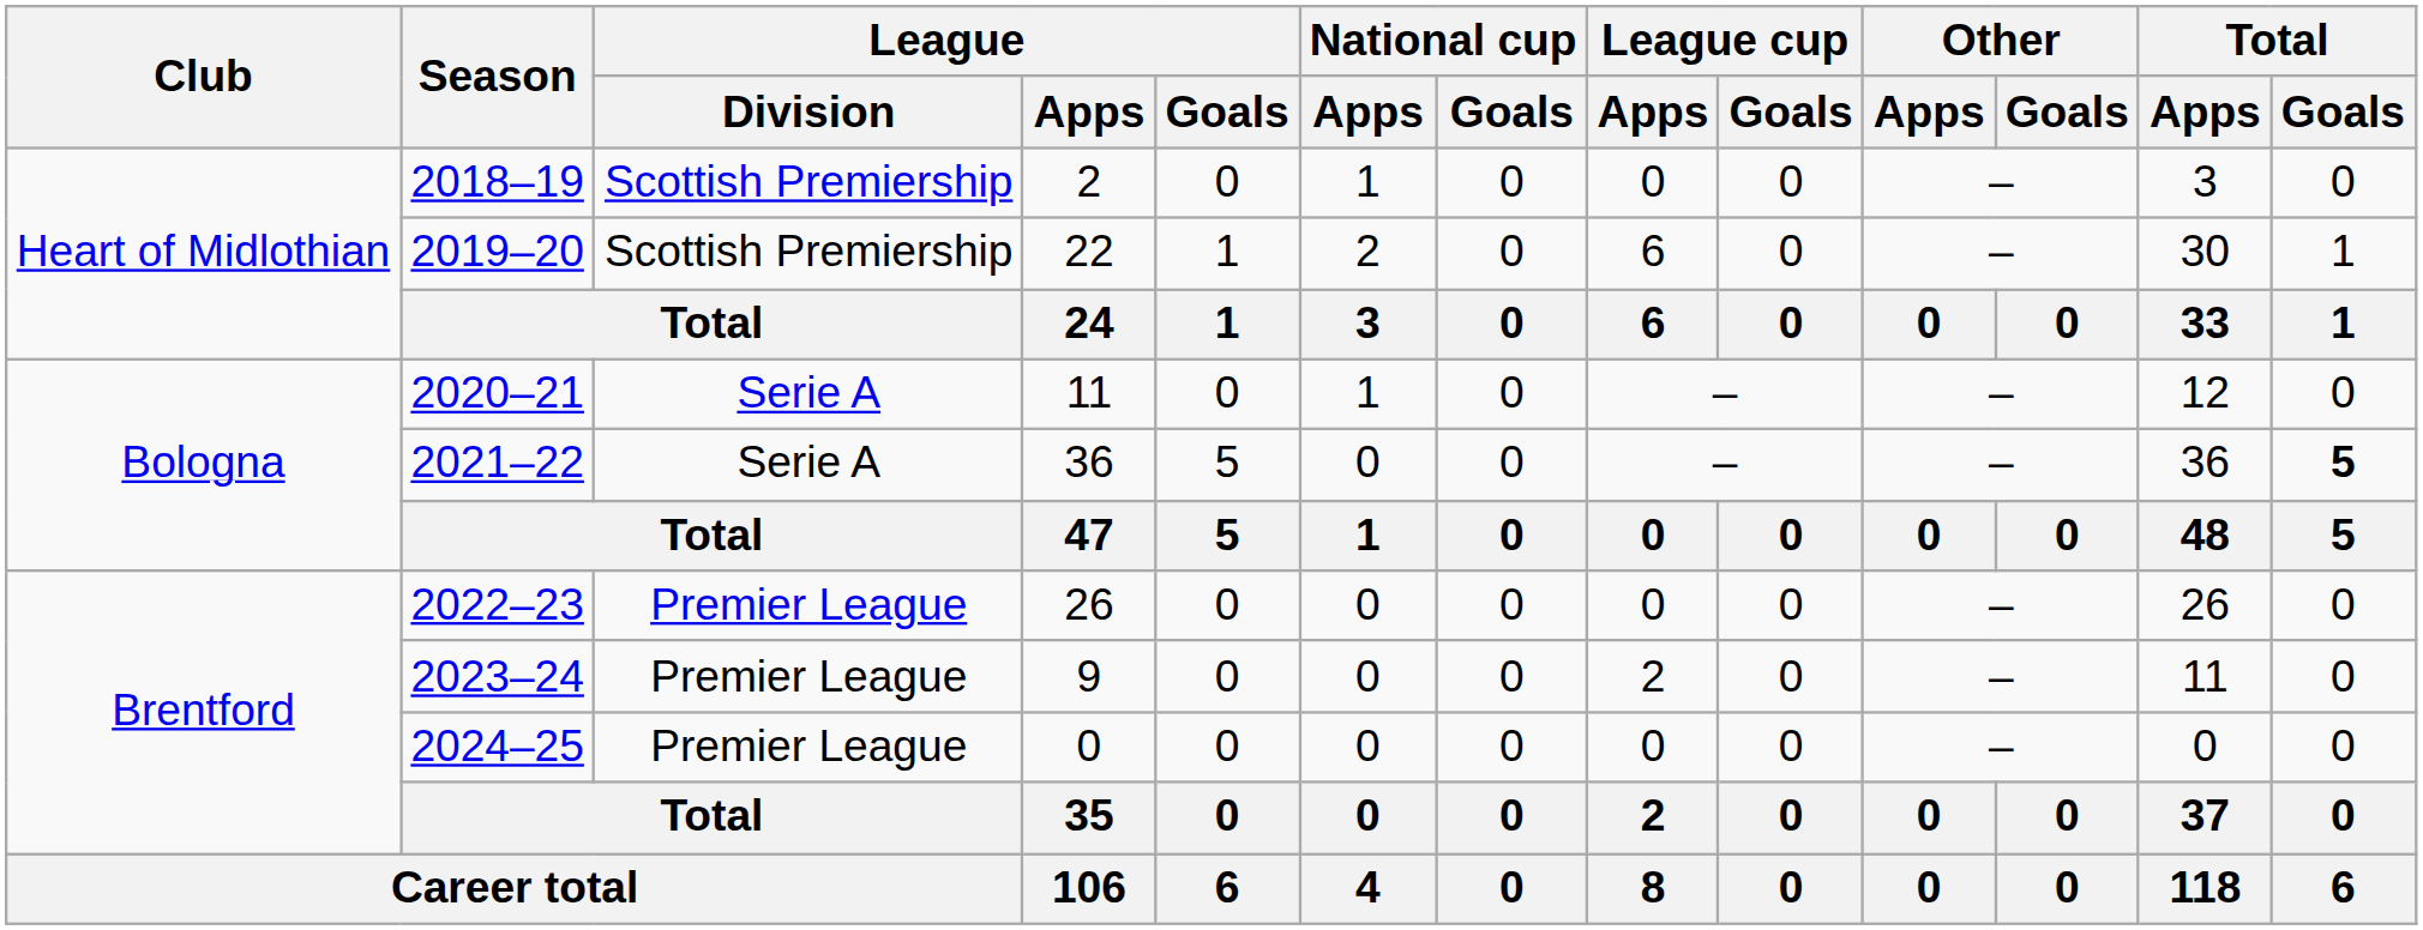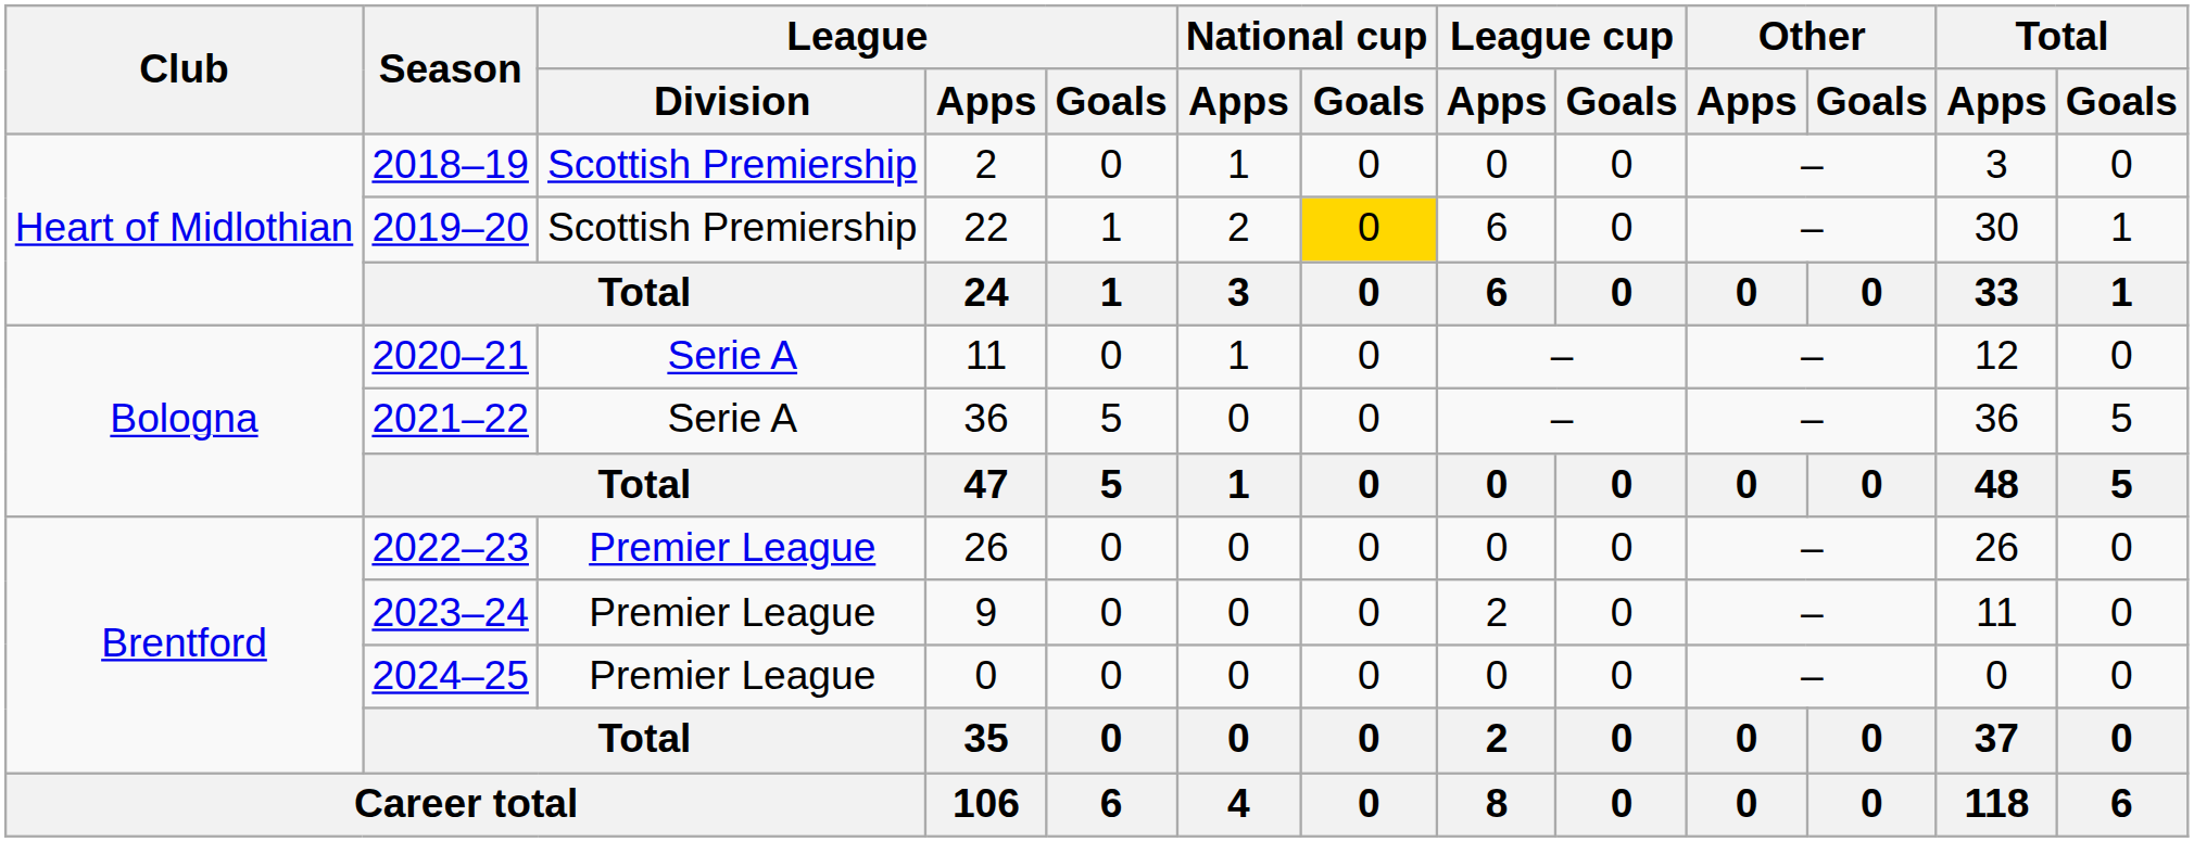 <table class=wikitable style="text-align: center;">
 <tr>
 <th rowspan="2">Club</th>
 <th rowspan="2">Season</th>
 <th colspan="3">League</th>
 <th colspan="2">National cup</th>
 <th colspan="2">League cup</th>
 <th colspan="2">Other</th>
 <th colspan="2">Total</th>
 </tr>
 <tr>
 <th>Division</th>
 <th>Apps</th>
 <th>Goals</th>
 <th>Apps</th>
 <th>Goals</th>
 <th>Apps</th>
 <th>Goals</th>
 <th>Apps</th>
 <th>Goals</th>
 <th>Apps</th>
 <th>Goals</th>
 </tr>
 <tr>
 <td rowspan="3"><a href='#'>Heart of Midlothian</a></td>
 <td><a href='#'>2018–19</a></td>
 <td><a href='#'>Scottish Premiership</a></td>
 <td>2</td>
 <td>0</td>
 <td>1</td>
 <td>0</td>
 <td>0</td>
 <td>0</td>
 <td colspan="2">–</td>
 <td>3</td>
 <td>0</td>
 </tr>
 <tr>
 <td><a href='#'>2019–20</a></td>
 <td>Scottish Premiership</td>
 <td>22</td>
 <td>1</td>
 <td>2</td>
-<td>0</td>
+<td style="background: gold;">0</td>
 <td>6</td>
 <td>0</td>
 <td colspan="2">–</td>
 <td>30</td>
 <td>1</td>
 </tr>
 <tr>
 <th colspan="2">Total</th>
 <th>24</th>
 <th>1</th>
 <th>3</th>
 <th>0</th>
 <th>6</th>
 <th>0</th>
 <th>0</th>
 <th>0</th>
 <th>33</th>
 <th>1</th>
 </tr>
 <tr>
 <td rowspan="3"><a href='#'>Bologna</a></td>
 <td><a href='#'>2020–21</a></td>
 <td><a href='#'>Serie A</a></td>
 <td>11</td>
 <td>0</td>
 <td>1</td>
 <td>0</td>
 <td colspan="2">–</td>
 <td colspan="2">–</td>
 <td>12</td>
 <td>0</td>
 </tr>
 <tr>
 <td><a href='#'>2021–22</a></td>
 <td>Serie A</td>
 <td>36</td>
 <td>5</td>
 <td>0</td>
 <td>0</td>
 <td colspan="2">–</td>
 <td colspan="2">–</td>
 <td>36</td>
-<td><strong>5</strong></td>
+<td>5</td>
 </tr>
 <tr>
 <th colspan="2">Total</th>
 <th>47</th>
 <th>5</th>
 <th>1</th>
 <th>0</th>
 <th>0</th>
 <th>0</th>
 <th>0</th>
 <th>0</th>
 <th>48</th>
 <th>5</th>
 </tr>
 <tr>
 <td rowspan="4"><a href='#'>Brentford</a></td>
 <td><a href='#'>2022–23</a></td>
 <td><a href='#'>Premier League</a></td>
 <td>26</td>
 <td>0</td>
 <td>0</td>
 <td>0</td>
 <td>0</td>
 <td>0</td>
 <td colspan="2">–</td>
 <td>26</td>
 <td>0</td>
 </tr>
 <tr>
 <td><a href='#'>2023–24</a></td>
 <td>Premier League</td>
 <td>9</td>
 <td>0</td>
 <td>0</td>
 <td>0</td>
 <td>2</td>
 <td>0</td>
 <td colspan="2">–</td>
 <td>11</td>
 <td>0</td>
 </tr>
 <tr>
 <td><a href='#'>2024–25</a></td>
 <td>Premier League</td>
 <td>0</td>
 <td>0</td>
 <td>0</td>
 <td>0</td>
 <td>0</td>
 <td>0</td>
 <td colspan="2">–</td>
 <td>0</td>
 <td>0</td>
 </tr>
 <tr>
 <th colspan="2">Total</th>
 <th>35</th>
 <th>0</th>
 <th>0</th>
 <th>0</th>
 <th>2</th>
 <th>0</th>
 <th>0</th>
 <th>0</th>
 <th>37</th>
 <th>0</th>
 </tr>
 <tr>
 <th colspan="3">Career total</th>
 <th>106</th>
 <th>6</th>
 <th>4</th>
 <th>0</th>
 <th>8</th>
 <th>0</th>
 <th>0</th>
 <th>0</th>
 <th>118</th>
 <th>6</th>
 </tr>
 </table>
